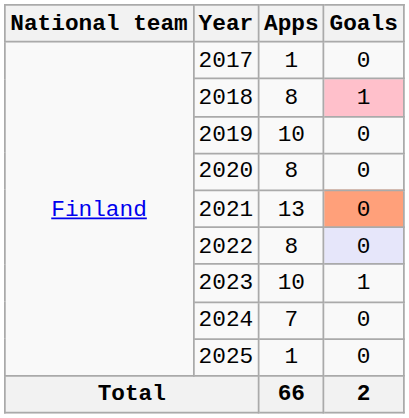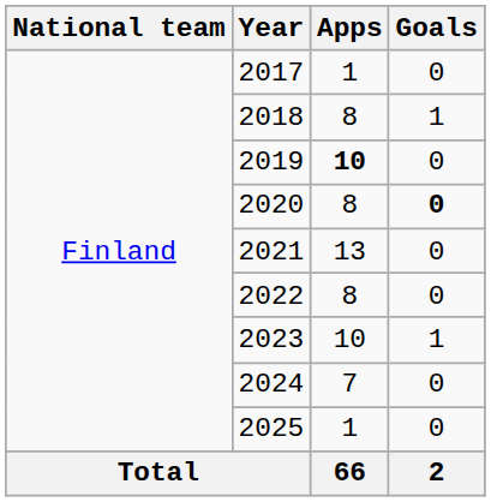 <table class="wikitable" style="text-align:center">
 <tr>
 <th>National team</th>
 <th>Year</th>
 <th>Apps</th>
 <th>Goals</th>
 </tr>
 <tr>
 <td rowspan="9"><a href='#'>Finland</a></td>
 <td>2017</td>
 <td>1</td>
 <td>0</td>
 </tr>
 <tr>
 <td>2018</td>
 <td>8</td>
-<td style="background: pink;">1</td>
+<td>1</td>
 </tr>
 <tr>
 <td>2019</td>
-<td>10</td>
+<td><strong>10</strong></td>
 <td>0</td>
 </tr>
 <tr>
 <td>2020</td>
 <td>8</td>
-<td>0</td>
+<td><strong>0</strong></td>
 </tr>
 <tr>
 <td>2021</td>
 <td>13</td>
-<td style="background: lightsalmon;">0</td>
+<td>0</td>
 </tr>
 <tr>
 <td>2022</td>
 <td>8</td>
-<td style="background: lavender;">0</td>
+<td>0</td>
 </tr>
 <tr>
 <td>2023</td>
 <td>10</td>
 <td>1</td>
 </tr>
 <tr>
 <td>2024</td>
 <td>7</td>
 <td>0</td>
 </tr>
 <tr>
 <td>2025</td>
 <td>1</td>
 <td>0</td>
 </tr>
 <tr>
 <th colspan="2">Total</th>
 <th>66</th>
 <th>2</th>
 </tr>
 </table>
